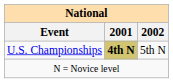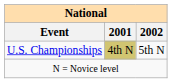 <table class="wikitable" style="text-align:center">
 <tr>
 <th style="background-color: #ffdead; " colspan=3 align=center>National</th>
 </tr>
 <tr>
 <th>Event</th>
 <th>2001</th>
 <th>2002</th>
 </tr>
 <tr>
 <td align=left><a href='#'>U.S. Championships</a></td>
-<td bgcolor=d1c571><strong>4th N</strong></td>
+<td bgcolor=d1c571>4th N</td>
 <td>5th N</td>
 </tr>
 <tr>
 <td colspan=3 align=center><small> N = Novice level </small></td>
 </tr>
 </table>
